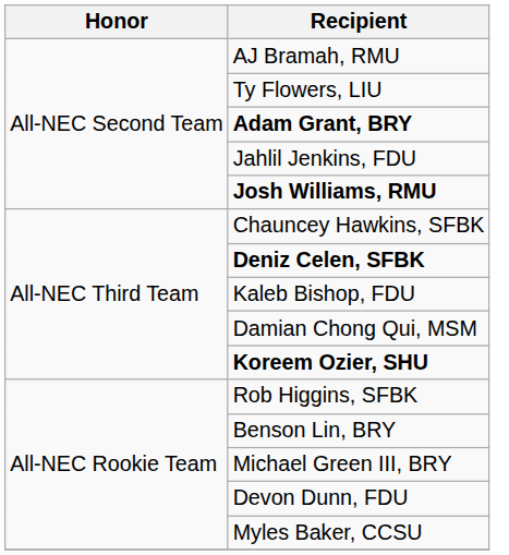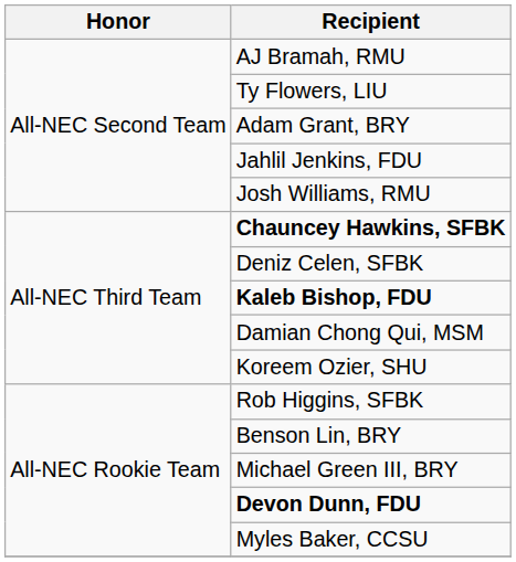 <table class="wikitable" border="1">
 <tr>
 <th>Honor</th>
 <th>Recipient</th>
 </tr>
 <tr>
 <td rowspan="5" valign="middle">All-NEC Second Team</td>
 <td>AJ Bramah, RMU</td>
 </tr>
 <tr>
 <td>Ty Flowers, LIU</td>
 </tr>
 <tr>
-<td><strong>Adam Grant, BRY</strong></td>
+<td>Adam Grant, BRY</td>
 </tr>
 <tr>
 <td>Jahlil Jenkins, FDU</td>
 </tr>
 <tr>
-<td><strong>Josh Williams, RMU</strong></td>
+<td>Josh Williams, RMU</td>
 </tr>
 <tr>
 <td rowspan="5" valign="middle">All-NEC Third Team</td>
-<td>Chauncey Hawkins, SFBK</td>
+<td><strong>Chauncey Hawkins, SFBK</strong></td>
 </tr>
 <tr>
-<td><strong>Deniz Celen, SFBK</strong></td>
+<td>Deniz Celen, SFBK</td>
 </tr>
 <tr>
-<td>Kaleb Bishop, FDU</td>
+<td><strong>Kaleb Bishop, FDU</strong></td>
 </tr>
 <tr>
 <td>Damian Chong Qui, MSM</td>
 </tr>
 <tr>
-<td><strong>Koreem Ozier, SHU</strong></td>
+<td>Koreem Ozier, SHU</td>
 </tr>
 <tr>
 <td rowspan="5" valign="middle">All-NEC Rookie Team</td>
 <td>Rob Higgins, SFBK</td>
 </tr>
 <tr>
 <td>Benson Lin, BRY</td>
 </tr>
 <tr>
 <td>Michael Green III, BRY</td>
 </tr>
 <tr>
-<td>Devon Dunn, FDU</td>
+<td><strong>Devon Dunn, FDU</strong></td>
 </tr>
 <tr>
 <td>Myles Baker, CCSU</td>
 </tr>
 <tr>
 </tr>
 </table>
